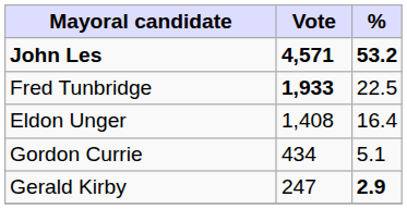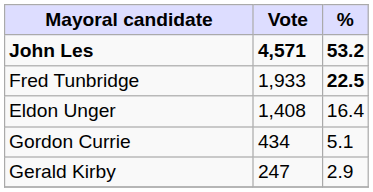 <table class="wikitable">
 <tr>
 <th style="background:#ddf;" width="200px">Mayoral candidate</th>
 <th style="background:#ddf;" width="50px">Vote</th>
 <th style="background:#ddf;" width="30px">%</th>
 </tr>
 <tr>
 <td><strong>John Les</strong></td>
 <td><strong>4,571</strong></td>
 <td><strong>53.2</strong></td>
 </tr>
 <tr>
 <td>Fred Tunbridge</td>
-<td><strong>1,933</strong></td>
-<td>22.5</td>
+<td>1,933</td>
+<td><strong>22.5</strong></td>
 </tr>
 <tr>
 <td>Eldon Unger</td>
 <td>1,408</td>
 <td>16.4</td>
 </tr>
 <tr>
 <td>Gordon Currie</td>
 <td>434</td>
 <td>5.1</td>
 </tr>
 <tr>
 <td>Gerald Kirby</td>
 <td>247</td>
-<td><strong>2.9</strong></td>
+<td>2.9</td>
 </tr>
 <tr>
 </tr>
 </table>
